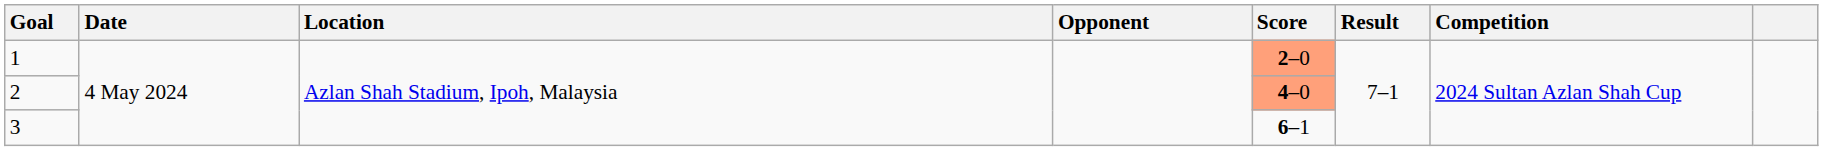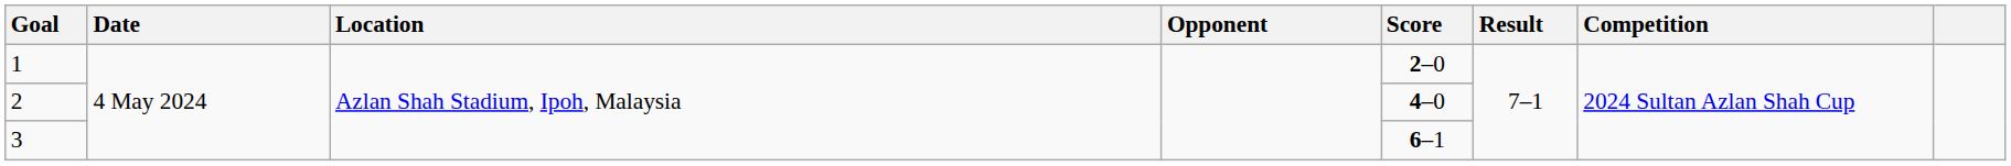 <table class="wikitable sortable" style="font-size:90%" width=97%>
 <tr>
 <th style="width: 25px; text-align: left">Goal</th>
 <th style="width: 100px; text-align: left">Date</th>
 <th style="width: 360px; text-align: left">Location</th>
 <th style="width: 90px; text-align: left">Opponent</th>
 <th style="width: 30px; text-align: left">Score</th>
 <th style="width: 30px; text-align: left">Result</th>
 <th style="width: 150px; text-align: left">Competition</th>
 <th style="width: 25px; text-align: left"></th>
 </tr>
 <tr>
 <td>1</td>
 <td rowspan=3>4 May 2024</td>
 <td rowspan=3><a href='#'>Azlan Shah Stadium</a>, <a href='#'>Ipoh</a>, Malaysia</td>
 <td rowspan=3></td>
-<td align="center" style="background: lightsalmon;"><strong>2</strong>–0</td>
+<td align="center"><strong>2</strong>–0</td>
 <td rowspan=3; align="center">7–1</td>
 <td rowspan=3><a href='#'>2024 Sultan Azlan Shah Cup</a></td>
 <td rowspan=3></td>
 </tr>
 <tr>
 <td>2</td>
-<td align="center" style="background: lightsalmon;"><strong>4</strong>–0</td>
+<td align="center"><strong>4</strong>–0</td>
 </tr>
 <tr>
 <td>3</td>
 <td align="center"><strong>6</strong>–1</td>
 </tr>
 </table>
